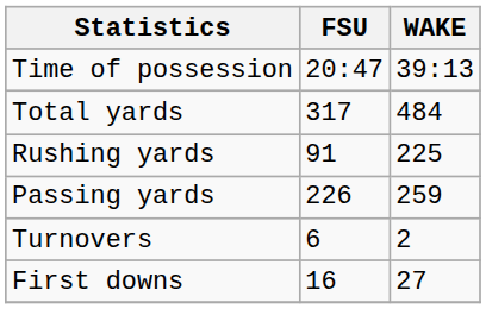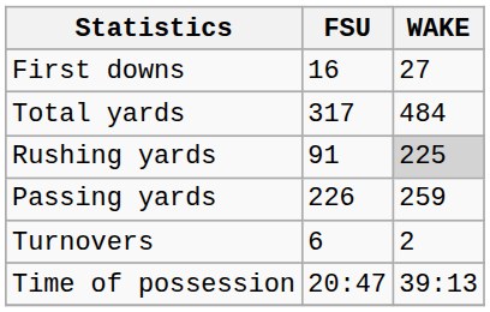 <table class="wikitable" style="float: left;">
 <tr>
 <th>Statistics</th>
 <th>FSU</th>
 <th>WAKE</th>
 </tr>
 <tr>
-<td>Time of possession</td>
-<td>20:47</td>
-<td>39:13</td>
+<td>First downs</td>
+<td>16</td>
+<td>27</td>
 </tr>
 <tr>
 <td>Total yards</td>
 <td>317</td>
 <td>484</td>
 </tr>
 <tr>
 <td>Rushing yards</td>
 <td>91</td>
-<td>225</td>
+<td style="background: lightgrey;">225</td>
 </tr>
 <tr>
 <td>Passing yards</td>
 <td>226</td>
 <td>259</td>
 </tr>
 <tr>
 <td>Turnovers</td>
 <td>6</td>
 <td>2</td>
 </tr>
 <tr>
-<td>First downs</td>
-<td>16</td>
-<td>27</td>
+<td>Time of possession</td>
+<td>20:47</td>
+<td>39:13</td>
 </tr>
 <tr>
 </tr>
 </table>
